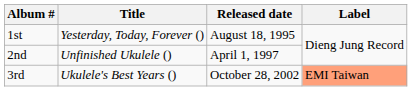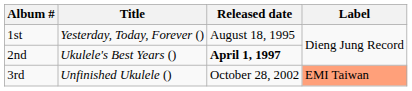 <table class="wikitable">
 <tr>
 <th>Album #</th>
 <th>Title</th>
 <th>Released date</th>
 <th>Label</th>
 </tr>
 <tr>
 <td>1st</td>
 <td><em>Yesterday, Today, Forever</em> ()</td>
 <td>August 18, 1995</td>
 <td rowspan=2>Dieng Jung Record</td>
 </tr>
 <tr>
 <td>2nd</td>
-<td><em>Unfinished Ukulele</em> ()</td>
-<td>April 1, 1997</td>
+<td><em>Ukulele's Best Years</em> ()</td>
+<td><strong>April 1, 1997</strong></td>
 </tr>
 <tr>
 <td>3rd</td>
-<td><em>Ukulele's Best Years</em> ()</td>
+<td><em>Unfinished Ukulele</em> ()</td>
 <td>October 28, 2002</td>
 <td style="background: lightsalmon;">EMI Taiwan</td>
 </tr>
 </table>
